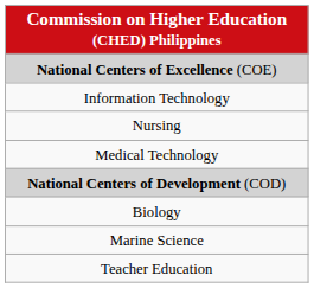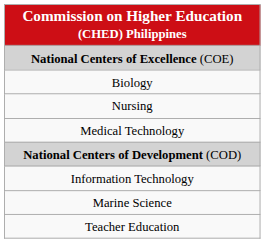 <table class="wikitable floatright" width="270px">
 <tr style="color:white; background:#CD0E15; text-align:center;">
 <td><strong>Commission on Higher Education <br> <small>(CHED) Philippines</small></strong></td>
 </tr>
 <tr style="color:black; background:#D3D3D3; text-align:center;">
 <td><small> <strong>National Centers of Excellence</strong> (COE) </small></td>
 </tr>
 <tr>
-<td style="text-align:center;"><small> Information Technology </small></td>
+<td style="text-align:center;"><small> Biology </small></td>
 </tr>
 <tr>
 <td style="text-align:center;"><small> Nursing </small></td>
 </tr>
 <tr>
 <td style="text-align:center;"><small>  Medical Technology  </small></td>
 </tr>
 <tr style="color:black; background:#D3D3D3; text-align:center;">
 <td><small> <strong>National Centers of Development</strong> (COD)</small></td>
 </tr>
 <tr>
-<td style="text-align:center;"><small> Biology </small></td>
+<td style="text-align:center;"><small> Information Technology </small></td>
 </tr>
 <tr>
 <td style="text-align:center;"><small> Marine Science </small></td>
 </tr>
 <tr>
 <td style="text-align:center;"><small> Teacher Education </small></td>
 </tr>
 </table>
